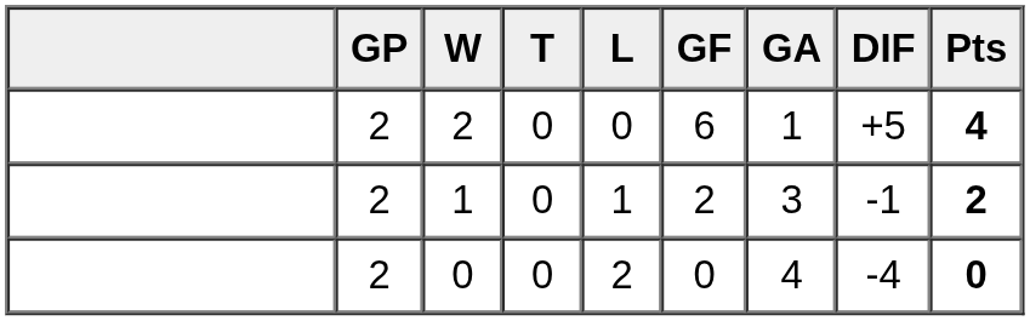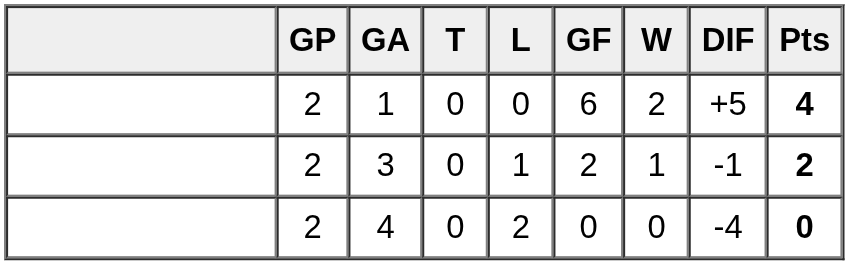 <table border=1 cellpadding=5 cellspacing=0>
 <tr>
 <th bgcolor="#efefef" width="120">　</th>
 <th bgcolor="#efefef" width="20">GP</th>
-<th bgcolor="#efefef" width="20">W</th>
+<th bgcolor="#efefef" width="20">GA</th>
 <th bgcolor="#efefef" width="20">T</th>
 <th bgcolor="#efefef" width="20">L</th>
 <th bgcolor="#efefef" width="20">GF</th>
-<th bgcolor="#efefef" width="20">GA</th>
+<th bgcolor="#efefef" width="20">W</th>
 <th bgcolor="#efefef" width="20">DIF</th>
 <th bgcolor="#efefef" width="20">Pts</th>
 </tr>
 <tr align=center>
 <td align=left><strong></strong></td>
 <td>2</td>
-<td>2</td>
+<td>1</td>
 <td>0</td>
 <td>0</td>
 <td>6</td>
-<td>1</td>
+<td>2</td>
 <td>+5</td>
 <td><strong>4</strong></td>
 </tr>
 <tr align=center>
 <td align=left></td>
 <td>2</td>
-<td>1</td>
+<td>3</td>
 <td>0</td>
 <td>1</td>
 <td>2</td>
-<td>3</td>
+<td>1</td>
 <td>-1</td>
 <td><strong>2</strong></td>
 </tr>
 <tr align=center>
 <td align=left></td>
 <td>2</td>
-<td>0</td>
+<td>4</td>
 <td>0</td>
 <td>2</td>
 <td>0</td>
-<td>4</td>
+<td>0</td>
 <td>-4</td>
 <td><strong>0</strong></td>
 </tr>
 </table>
